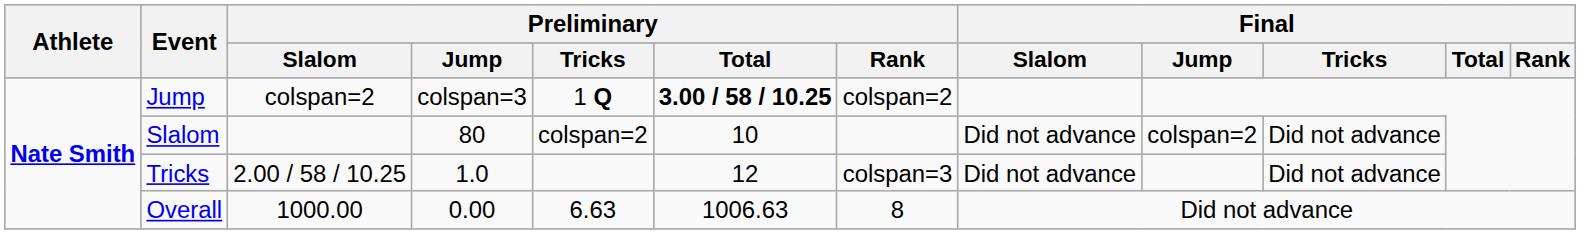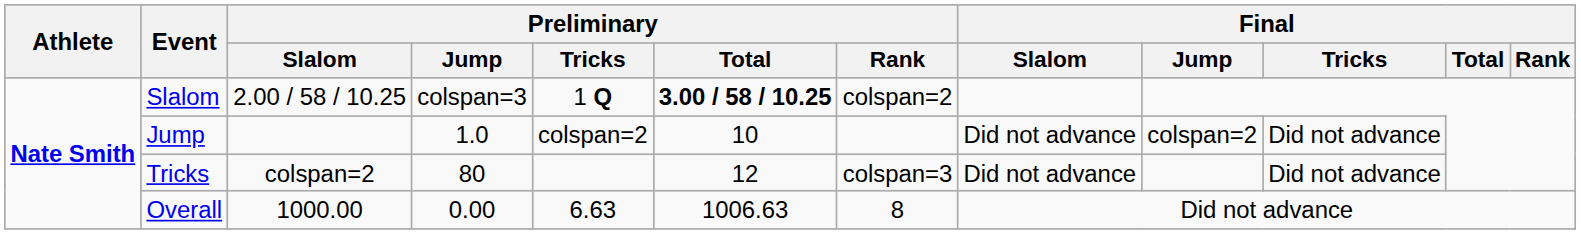 <table class=wikitable style=font-size:90%;text-align:center>
 <tr>
 <th rowspan=2>Athlete</th>
 <th rowspan=2>Event</th>
 <th colspan=5>Preliminary</th>
 <th colspan=5>Final</th>
 </tr>
 <tr style=font-size:95%>
 <th>Slalom</th>
 <th>Jump</th>
 <th>Tricks</th>
 <th>Total</th>
 <th>Rank</th>
 <th>Slalom</th>
 <th>Jump</th>
 <th>Tricks</th>
 <th>Total</th>
 <th>Rank</th>
 </tr>
 <tr>
 <td align=left rowspan=4><strong><a href='#'>Nate Smith</a></strong></td>
-<td align=left><a href='#'>Jump</a></td>
-<td>colspan=2 </td>
+<td align=left><a href='#'>Slalom</a></td>
+<td>2.00 / 58 / 10.25</td>
 <td>colspan=3 </td>
 <td>1 <strong>Q</strong></td>
 <td><strong>3.00 / 58 / 10.25</strong></td>
 <td>colspan=2 </td>
 <td></td>
 </tr>
 <tr>
-<td align=left><a href='#'>Slalom</a></td>
+<td align=left><a href='#'>Jump</a></td>
 <td></td>
-<td>80</td>
+<td>1.0</td>
 <td>colspan=2 </td>
 <td>10</td>
 <td></td>
 <td>Did not advance</td>
 <td>colspan=2 </td>
 <td>Did not advance</td>
 </tr>
 <tr>
 <td align=left><a href='#'>Tricks</a></td>
-<td>2.00 / 58 / 10.25</td>
-<td>1.0</td>
+<td>colspan=2 </td>
+<td>80</td>
 <td></td>
 <td>12</td>
 <td>colspan=3 </td>
 <td>Did not advance</td>
 <td></td>
 <td>Did not advance</td>
 </tr>
 <tr>
 <td align=left><a href='#'>Overall</a></td>
 <td>1000.00</td>
 <td>0.00</td>
 <td>6.63</td>
 <td>1006.63</td>
 <td>8</td>
 <td colspan=5>Did not advance</td>
 </tr>
 </table>
